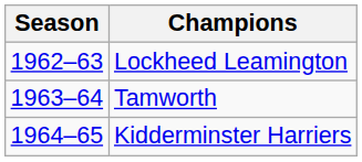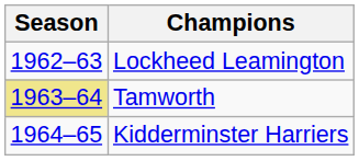 <table class="wikitable" style="text-align: left">
 <tr>
 <th>Season</th>
 <th>Champions</th>
 </tr>
 <tr>
 <td><a href='#'>1962–63</a></td>
 <td><a href='#'>Lockheed Leamington</a></td>
 </tr>
 <tr>
-<td><a href='#'>1963–64</a></td>
+<td style="background: khaki;"><a href='#'>1963–64</a></td>
 <td><a href='#'>Tamworth</a></td>
 </tr>
 <tr>
 <td><a href='#'>1964–65</a></td>
 <td><a href='#'>Kidderminster Harriers</a></td>
 </tr>
 </table>
